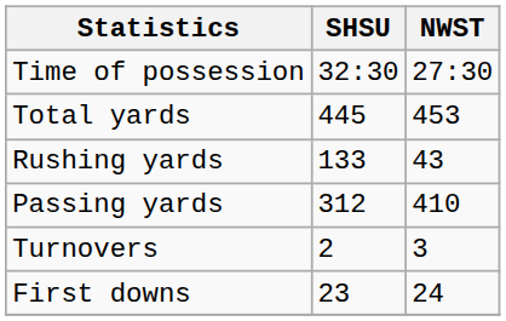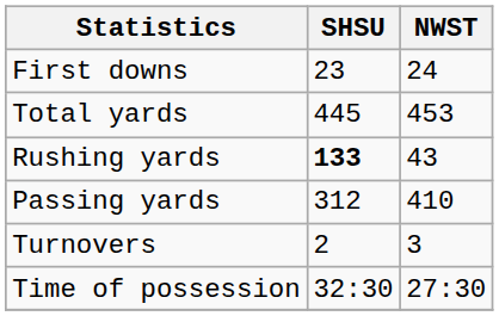 <table class="wikitable" style="float: left;">
 <tr>
 <th>Statistics</th>
 <th>SHSU</th>
 <th>NWST</th>
 </tr>
 <tr>
-<td>Time of possession</td>
-<td>32:30</td>
-<td>27:30</td>
+<td>First downs</td>
+<td>23</td>
+<td>24</td>
 </tr>
 <tr>
 <td>Total yards</td>
 <td>445</td>
 <td>453</td>
 </tr>
 <tr>
 <td>Rushing yards</td>
-<td>133</td>
+<td><strong>133</strong></td>
 <td>43</td>
 </tr>
 <tr>
 <td>Passing yards</td>
 <td>312</td>
 <td>410</td>
 </tr>
 <tr>
 <td>Turnovers</td>
 <td>2</td>
 <td>3</td>
 </tr>
 <tr>
-<td>First downs</td>
-<td>23</td>
-<td>24</td>
+<td>Time of possession</td>
+<td>32:30</td>
+<td>27:30</td>
 </tr>
 <tr>
 </tr>
 </table>
